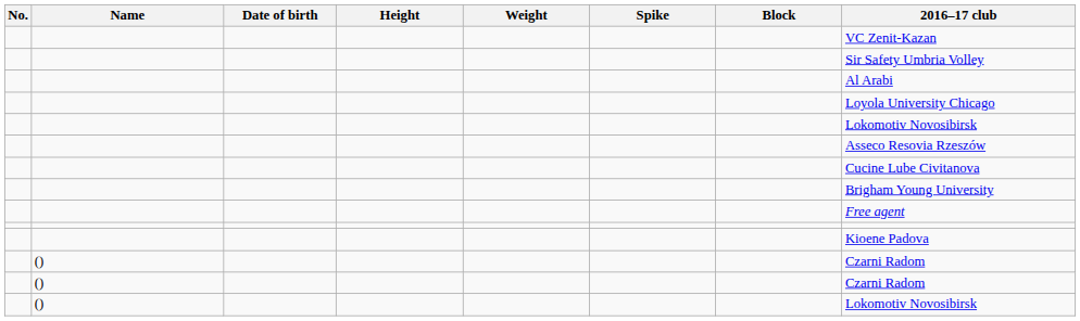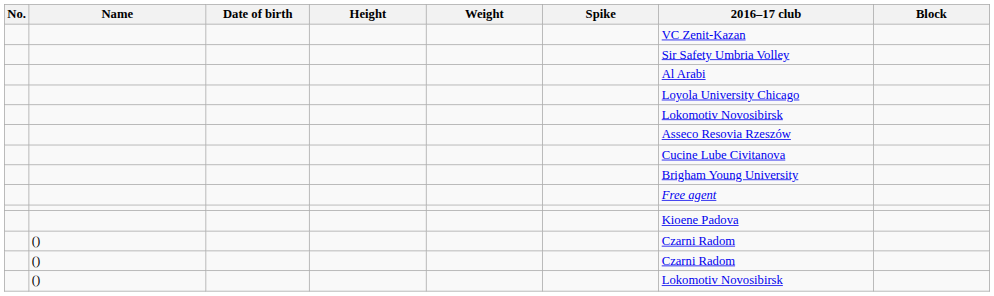 <table class="wikitable sortable" style="font-size:100%; text-align:center;">
 <tr>
 <th>No.</th>
 <th style="width:14em">Name</th>
 <th style="width:8em">Date of birth</th>
 <th style="width:9em">Height</th>
 <th style="width:9em">Weight</th>
 <th style="width:9em">Spike</th>
+<th style="width:17em">2016–17 club</th>
 <th style="width:9em">Block</th>
-<th style="width:17em">2016–17 club</th>
 </tr>
 <tr>
 <td></td>
 <td style="text-align:left;"></td>
 <td style="text-align:right;"></td>
 <td></td>
 <td></td>
 <td></td>
+<td style="text-align:left;"> <a href='#'>VC Zenit-Kazan</a></td>
 <td></td>
-<td style="text-align:left;"> <a href='#'>VC Zenit-Kazan</a></td>
 </tr>
 <tr>
 <td></td>
 <td style="text-align:left;"></td>
 <td style="text-align:right;"></td>
 <td></td>
 <td></td>
 <td></td>
+<td style="text-align:left;"> <a href='#'>Sir Safety Umbria Volley</a></td>
 <td></td>
-<td style="text-align:left;"> <a href='#'>Sir Safety Umbria Volley</a></td>
 </tr>
 <tr>
 <td></td>
 <td style="text-align:left;"></td>
 <td style="text-align:right;"></td>
 <td></td>
 <td></td>
 <td></td>
+<td style="text-align:left;"> <a href='#'>Al Arabi</a></td>
 <td></td>
-<td style="text-align:left;"> <a href='#'>Al Arabi</a></td>
 </tr>
 <tr>
 <td></td>
 <td style="text-align:left;"></td>
 <td style="text-align:right;"></td>
 <td></td>
 <td></td>
 <td></td>
+<td style="text-align:left;"> <a href='#'>Loyola University Chicago</a></td>
 <td></td>
-<td style="text-align:left;"> <a href='#'>Loyola University Chicago</a></td>
 </tr>
 <tr>
 <td></td>
 <td style="text-align:left;"></td>
 <td style="text-align:right;"></td>
 <td></td>
 <td></td>
 <td></td>
+<td style="text-align:left;"> <a href='#'>Lokomotiv Novosibirsk</a></td>
 <td></td>
-<td style="text-align:left;"> <a href='#'>Lokomotiv Novosibirsk</a></td>
 </tr>
 <tr>
 <td></td>
 <td style="text-align:left;"></td>
 <td style="text-align:right;"></td>
 <td></td>
 <td></td>
 <td></td>
+<td style="text-align:left;"> <a href='#'>Asseco Resovia Rzeszów</a></td>
 <td></td>
-<td style="text-align:left;"> <a href='#'>Asseco Resovia Rzeszów</a></td>
 </tr>
 <tr>
 <td></td>
 <td style="text-align:left;"></td>
 <td style="text-align:right;"></td>
 <td></td>
 <td></td>
 <td></td>
+<td style="text-align:left;"> <a href='#'>Cucine Lube Civitanova</a></td>
 <td></td>
-<td style="text-align:left;"> <a href='#'>Cucine Lube Civitanova</a></td>
 </tr>
 <tr>
 <td></td>
 <td style="text-align:left;"></td>
 <td style="text-align:right;"></td>
 <td></td>
 <td></td>
 <td></td>
+<td style="text-align:left;"> <a href='#'>Brigham Young University</a></td>
 <td></td>
-<td style="text-align:left;"> <a href='#'>Brigham Young University</a></td>
 </tr>
 <tr>
 <td></td>
 <td style="text-align:left;"></td>
 <td style="text-align:right;"></td>
 <td></td>
 <td></td>
 <td></td>
+<td style="text-align:left;"> <em><a href='#'>Free agent</a></em></td>
 <td></td>
-<td style="text-align:left;"> <em><a href='#'>Free agent</a></em></td>
 </tr>
 <tr>
 <td></td>
 <td style="text-align:left;"></td>
 <td style="text-align:right;"></td>
 <td></td>
 <td></td>
 <td></td>
+<td style="text-align:left;"></td>
 <td></td>
-<td style="text-align:left;"></td>
 </tr>
 <tr>
 <td></td>
 <td style="text-align:left;"></td>
 <td style="text-align:right;"></td>
 <td></td>
 <td></td>
 <td></td>
+<td style="text-align:left;"> <a href='#'>Kioene Padova</a></td>
 <td></td>
-<td style="text-align:left;"> <a href='#'>Kioene Padova</a></td>
 </tr>
 <tr>
 <td></td>
 <td style="text-align:left;"> ()</td>
 <td style="text-align:right;"></td>
 <td></td>
 <td></td>
 <td></td>
+<td style="text-align:left;"> <a href='#'>Czarni Radom</a></td>
 <td></td>
-<td style="text-align:left;"> <a href='#'>Czarni Radom</a></td>
 </tr>
 <tr>
 <td></td>
 <td style="text-align:left;"> ()</td>
 <td style="text-align:right;"></td>
 <td></td>
 <td></td>
 <td></td>
+<td style="text-align:left;"> <a href='#'>Czarni Radom</a></td>
 <td></td>
-<td style="text-align:left;"> <a href='#'>Czarni Radom</a></td>
 </tr>
 <tr>
 <td></td>
 <td style="text-align:left;"> ()</td>
 <td style="text-align:right;"></td>
 <td></td>
 <td></td>
 <td></td>
+<td style="text-align:left;"> <a href='#'>Lokomotiv Novosibirsk</a></td>
 <td></td>
-<td style="text-align:left;"> <a href='#'>Lokomotiv Novosibirsk</a></td>
 </tr>
 </table>
